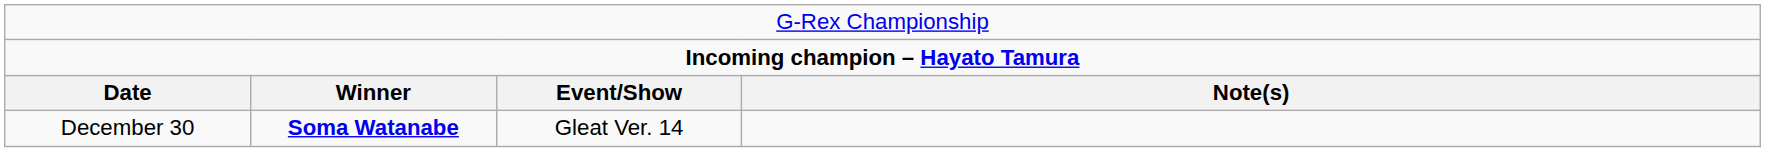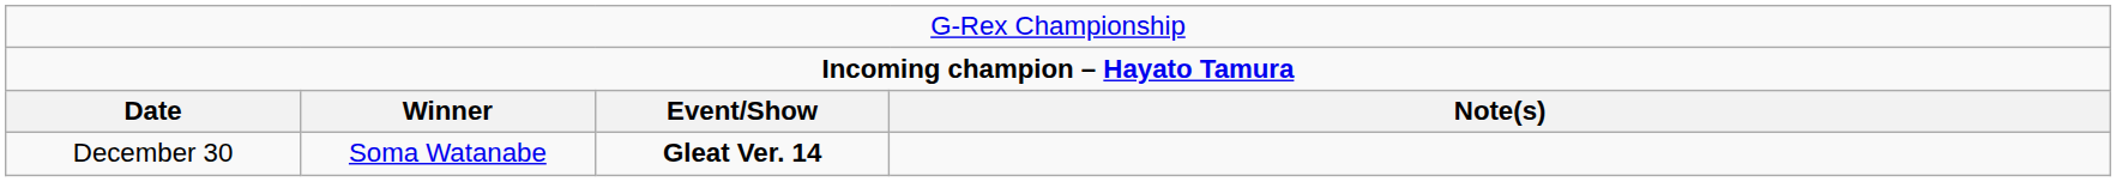 <table class="wikitable" style="text-align:center; width:100%;">
 <tr>
 <td colspan="4" style="text-align: center;"><a href='#'>G-Rex Championship</a></td>
 </tr>
 <tr>
 <td colspan="4" style="text-align: center;"><strong>Incoming champion – <a href='#'>Hayato Tamura</a></strong></td>
 </tr>
 <tr>
 <th width=14%>Date</th>
 <th width=14%>Winner</th>
 <th width=14%>Event/Show</th>
 <th width=58%>Note(s)</th>
 </tr>
 <tr>
 <td>December 30</td>
-<td><strong><a href='#'>Soma Watanabe</a></strong></td>
-<td>Gleat Ver. 14</td>
+<td><a href='#'>Soma Watanabe</a></td>
+<td><strong>Gleat Ver. 14</strong></td>
 <td></td>
 </tr>
 </table>
